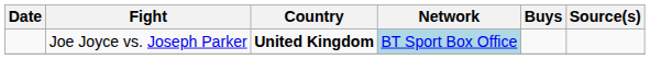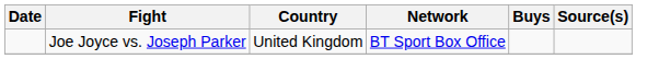 <table class="wikitable sortable">
 <tr>
 <th>Date</th>
 <th>Fight</th>
 <th>Country</th>
 <th>Network</th>
 <th>Buys</th>
 <th class="unsortable">Source(s)</th>
 </tr>
 <tr>
 <td></td>
 <td>Joe Joyce vs. <a href='#'>Joseph Parker</a></td>
-<td><strong>United Kingdom</strong></td>
-<td style="background: lightblue;"><a href='#'>BT Sport Box Office</a></td>
+<td>United Kingdom</td>
+<td><a href='#'>BT Sport Box Office</a></td>
 <td></td>
 <td></td>
 </tr>
 <tr>
 </tr>
 </table>
